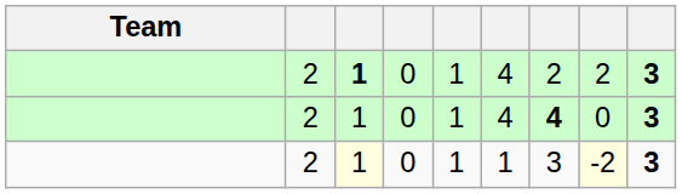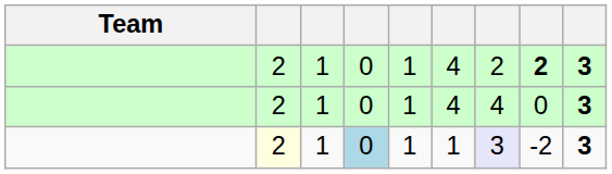 <table class="wikitable" style="text-align:center;">
 <tr>
 <th width=150>Team</th>
 <th width=20 abbr="Played"></th>
 <th width=20 abbr="Won"></th>
 <th width=20 abbr="Drawn"></th>
 <th width=20 abbr="Lost"></th>
 <th width=20 abbr="Goals for"></th>
 <th width=20 abbr="Goals against"></th>
 <th width=20 abbr="Goal difference"></th>
 <th width=20 abbr="Points"></th>
 </tr>
 <tr bgcolor=#ccffcc>
 <td align=left></td>
 <td>2</td>
-<td><strong>1</strong></td>
+<td>1</td>
 <td>0</td>
 <td>1</td>
 <td>4</td>
 <td>2</td>
-<td>2</td>
+<td><strong>2</strong></td>
 <td><strong>3</strong></td>
 </tr>
 <tr bgcolor=#ccffcc>
 <td align=left></td>
 <td>2</td>
 <td>1</td>
 <td>0</td>
 <td>1</td>
 <td>4</td>
-<td><strong>4</strong></td>
+<td>4</td>
 <td>0</td>
 <td><strong>3</strong></td>
 </tr>
 <tr>
 <td align=left></td>
-<td>2</td>
-<td style="background: lightyellow;">1</td>
-<td>0</td>
+<td style="background: lightyellow;">2</td>
+<td>1</td>
+<td style="background: lightblue;">0</td>
 <td>1</td>
 <td>1</td>
-<td>3</td>
-<td style="background: lightyellow;">-2</td>
+<td style="background: lavender;">3</td>
+<td>-2</td>
 <td><strong>3</strong></td>
 </tr>
 </table>
